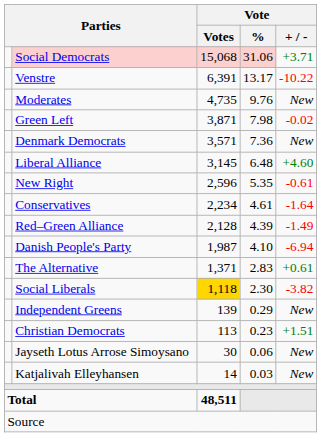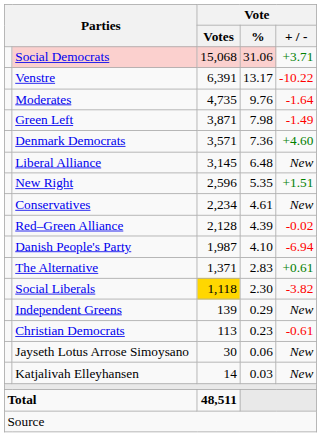 <table class="wikitable" style="text-align:right;">
 <tr>
 <th style="text-align:centre;" rowspan="2" colspan="2" width="225">Parties</th>
 <th colspan="3">Vote</th>
 </tr>
 <tr>
 <th width="15">Votes</th>
 <th width="15">%</th>
 <th width="15">+ / -</th>
 </tr>
 <tr>
 <td width="2" style="color:inherit;background:"></td>
 <td bgcolor=#fbd0ce  align="left"><a href='#'>Social Democrats</a></td>
 <td bgcolor=#fbd0ce>15,068</td>
 <td bgcolor=#fbd0ce>31.06</td>
 <td style=color:green;>+3.71</td>
 </tr>
 <tr>
 <td width="2" style="color:inherit;background:"></td>
 <td align="left"><a href='#'>Venstre</a></td>
 <td>6,391</td>
 <td>13.17</td>
 <td style=color:red;>-10.22</td>
 </tr>
 <tr>
 <td width="2" style="color:inherit;background:"></td>
 <td align="left"><a href='#'>Moderates</a></td>
 <td>4,735</td>
 <td>9.76</td>
-<td><em>New</em></td>
+<td style=color:red;>-1.64</td>
 </tr>
 <tr>
 <td width="2" style="color:inherit;background:"></td>
 <td align="left"><a href='#'>Green Left</a></td>
 <td>3,871</td>
 <td>7.98</td>
-<td style=color:red;>-0.02</td>
+<td style=color:red;>-1.49</td>
 </tr>
 <tr>
 <td width="2" style="color:inherit;background:"></td>
 <td align="left"><a href='#'>Denmark Democrats</a></td>
 <td>3,571</td>
 <td>7.36</td>
-<td><em>New</em></td>
+<td style=color:green;>+4.60</td>
 </tr>
 <tr>
 <td width="2" style="color:inherit;background:"></td>
 <td align="left"><a href='#'>Liberal Alliance</a></td>
 <td>3,145</td>
 <td>6.48</td>
-<td style=color:green;>+4.60</td>
+<td><em>New</em></td>
 </tr>
 <tr>
 <td width="2" style="color:inherit;background:"></td>
 <td align="left"><a href='#'>New Right</a></td>
 <td>2,596</td>
 <td>5.35</td>
-<td style=color:red;>-0.61</td>
+<td style=color:green;>+1.51</td>
 </tr>
 <tr>
 <td width="2" style="color:inherit;background:"></td>
 <td align="left"><a href='#'>Conservatives</a></td>
 <td>2,234</td>
 <td>4.61</td>
-<td style=color:red;>-1.64</td>
+<td><em>New</em></td>
 </tr>
 <tr>
 <td width="2" style="color:inherit;background:"></td>
 <td align="left"><a href='#'>Red–Green Alliance</a></td>
 <td>2,128</td>
 <td>4.39</td>
-<td style=color:red;>-1.49</td>
+<td style=color:red;>-0.02</td>
 </tr>
 <tr>
 <td width="2" style="color:inherit;background:"></td>
 <td align="left"><a href='#'>Danish People's Party</a></td>
 <td>1,987</td>
 <td>4.10</td>
 <td style=color:red;>-6.94</td>
 </tr>
 <tr>
 <td width="2" style="color:inherit;background:"></td>
 <td align="left"><a href='#'>The Alternative</a></td>
 <td>1,371</td>
 <td>2.83</td>
 <td style=color:green;>+0.61</td>
 </tr>
 <tr>
 <td width="2" style="color:inherit;background:"></td>
 <td align="left"><a href='#'>Social Liberals</a></td>
 <td style="background: gold;">1,118</td>
 <td>2.30</td>
 <td style=color:red;>-3.82</td>
 </tr>
 <tr>
 <td width="2" style="color:inherit;background:"></td>
 <td align="left"><a href='#'>Independent Greens</a></td>
 <td>139</td>
 <td>0.29</td>
 <td><em>New</em></td>
 </tr>
 <tr>
 <td width="2" style="color:inherit;background:"></td>
 <td align="left"><a href='#'>Christian Democrats</a></td>
 <td>113</td>
 <td>0.23</td>
-<td style=color:green;>+1.51</td>
+<td style=color:red;>-0.61</td>
 </tr>
 <tr>
 <td width="2" style="color:inherit;background:"></td>
 <td align="left">Jayseth Lotus Arrose Simoysano</td>
 <td>30</td>
 <td>0.06</td>
 <td><em>New</em></td>
 </tr>
 <tr>
 <td width="2" style="color:inherit;background:"></td>
 <td align="left">Katjalivah Elleyhansen</td>
 <td>14</td>
 <td>0.03</td>
 <td><em>New</em></td>
 </tr>
 <tr>
 <td colspan="7" bgcolor="#E9E9E9"></td>
 </tr>
 <tr>
 <td align="left" colspan="2"><strong>Total</strong></td>
 <td><strong>48,511</strong></td>
 <td bgcolor="#E9E9E9" colspan="2"></td>
 </tr>
 <tr>
 <td align="left" colspan="6">Source</td>
 </tr>
 </table>
